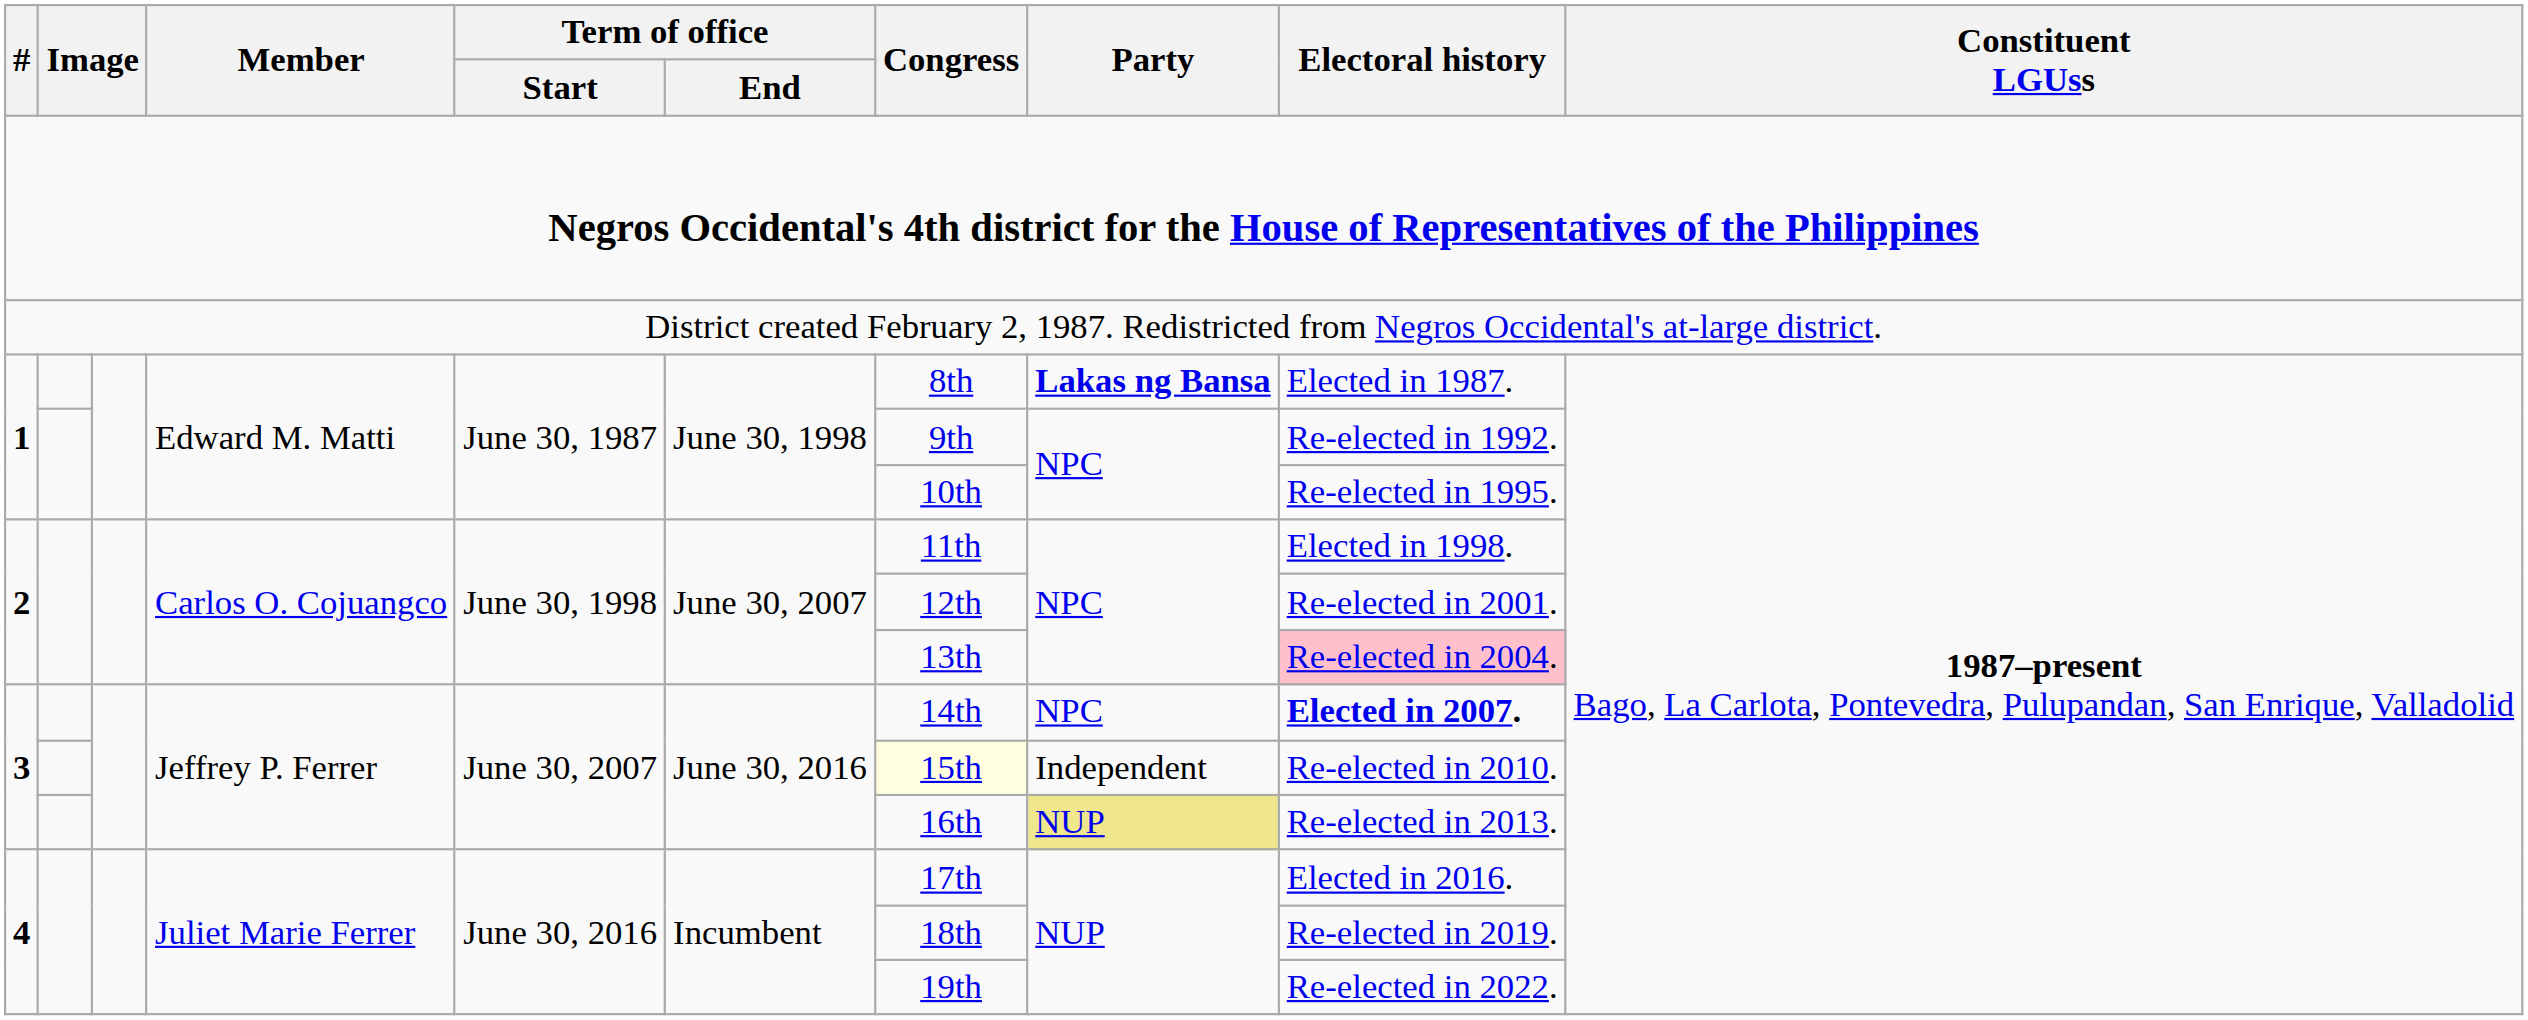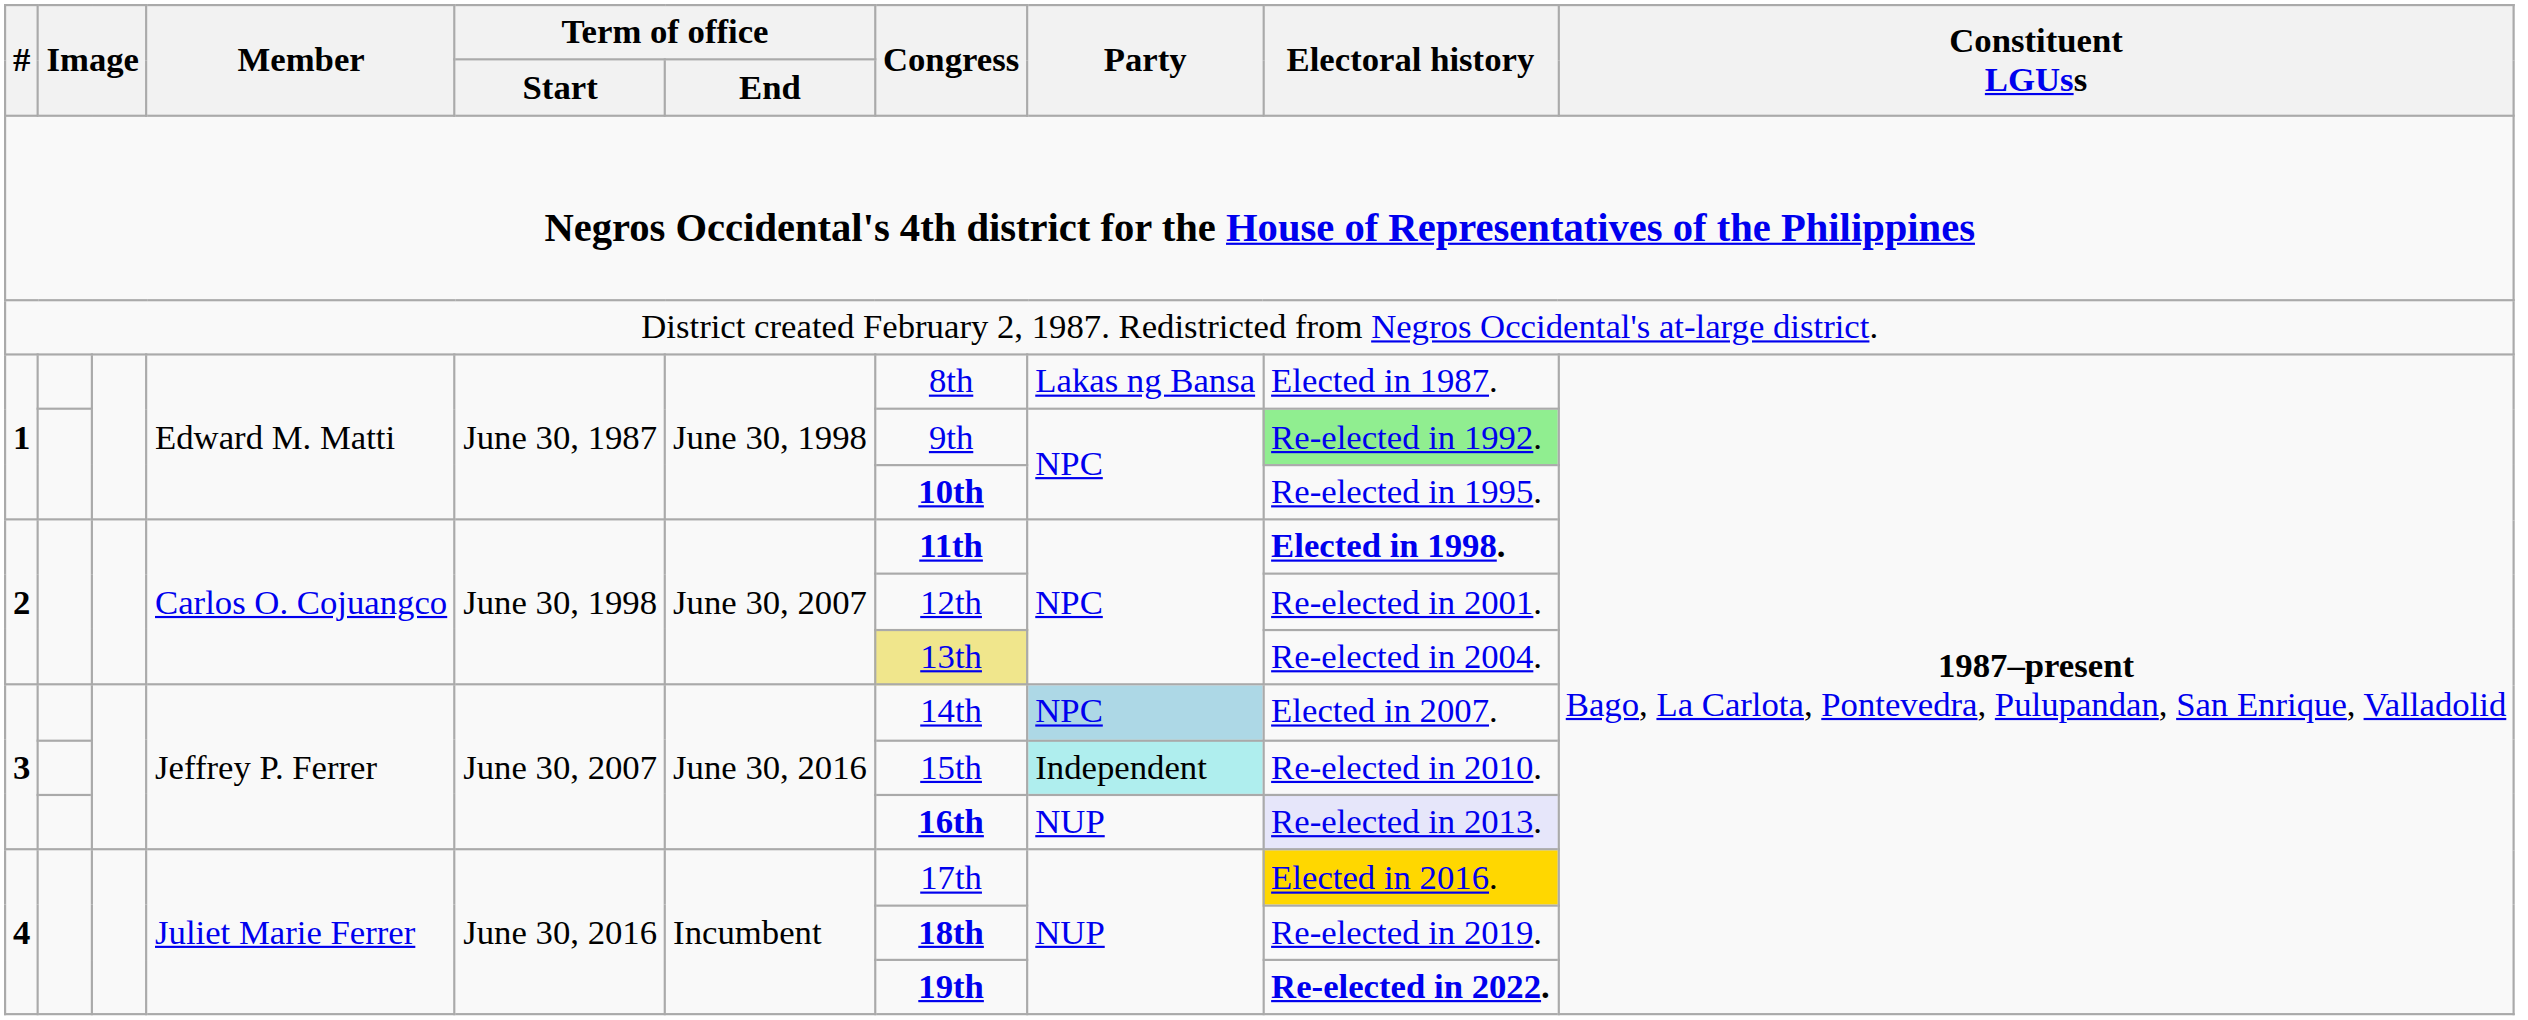 <table class=wikitable>
 <tr>
 <th rowspan="2">#</th>
 <th rowspan="2" colspan=2>Image</th>
 <th rowspan="2">Member</th>
 <th colspan=2>Term of office</th>
 <th rowspan="2">Congress</th>
 <th rowspan="2">Party</th>
 <th rowspan="2">Electoral history</th>
 <th rowspan="2">Constituent<br><a href='#'>LGUs</a>s</th>
 </tr>
 <tr>
 <th>Start</th>
 <th>End</th>
 </tr>
 <tr>
 <td colspan="10" style="text-align:center;"><br><h3>Negros Occidental's 4th district for the <a href='#'>House of Representatives of the Philippines</a></h3></td>
 </tr>
 <tr>
 <td colspan="10" style="text-align:center;">District created February 2, 1987. Redistricted from <a href='#'>Negros Occidental's at-large district</a>.</td>
 </tr>
 <tr>
 <td rowspan="3" style="text-align:center;"><strong>1</strong></td>
 <td style="color:inherit;background:"></td>
 <td rowspan="3"></td>
 <td rowspan="3">Edward M. Matti</td>
 <td rowspan="3">June 30, 1987</td>
 <td rowspan="3">June 30, 1998</td>
 <td style="text-align:center;"><a href='#'>8th</a></td>
-<td><strong><a href='#'>Lakas ng Bansa</a></strong></td>
+<td><a href='#'>Lakas ng Bansa</a></td>
 <td><a href='#'>Elected in 1987</a>.</td>
 <td rowspan=99 style="text-align:center;"><strong>1987–present</strong><br><a href='#'>Bago</a>, <a href='#'>La Carlota</a>, <a href='#'>Pontevedra</a>, <a href='#'>Pulupandan</a>, <a href='#'>San Enrique</a>, <a href='#'>Valladolid</a></td>
 </tr>
 <tr>
 <td rowspan="2" style="color:inherit;background:"></td>
 <td style="text-align:center;"><a href='#'>9th</a></td>
 <td rowspan="2"><a href='#'>NPC</a></td>
-<td><a href='#'>Re-elected in 1992</a>.</td>
+<td style="background: lightgreen;"><a href='#'>Re-elected in 1992</a>.</td>
 </tr>
 <tr>
-<td style="text-align:center;"><a href='#'>10th</a></td>
+<td style="text-align:center;"><strong><a href='#'>10th</a></strong></td>
 <td><a href='#'>Re-elected in 1995</a>.</td>
 </tr>
 <tr>
 <td rowspan="3" style="text-align:center;"><strong>2</strong></td>
 <td rowspan="3" style="color:inherit;background:"></td>
 <td rowspan="3"></td>
 <td rowspan="3"><a href='#'>Carlos O. Cojuangco</a></td>
 <td rowspan="3">June 30, 1998</td>
 <td rowspan="3">June 30, 2007</td>
-<td style="text-align:center;"><a href='#'>11th</a></td>
+<td style="text-align:center;"><strong><a href='#'>11th</a></strong></td>
 <td rowspan="3"><a href='#'>NPC</a></td>
-<td><a href='#'>Elected in 1998</a>.</td>
+<td><strong><a href='#'>Elected in 1998</a>.</strong></td>
 </tr>
 <tr>
 <td style="text-align:center;"><a href='#'>12th</a></td>
 <td><a href='#'>Re-elected in 2001</a>.</td>
 </tr>
 <tr>
-<td style="text-align:center;"><a href='#'>13th</a></td>
-<td style="background: pink;"><a href='#'>Re-elected in 2004</a>.</td>
+<td style="background: khaki; text-align:center;"><a href='#'>13th</a></td>
+<td><a href='#'>Re-elected in 2004</a>.</td>
 </tr>
 <tr>
 <td rowspan="3" style="text-align:center;"><strong>3</strong></td>
 <td style="color:inherit;background:"></td>
 <td rowspan="3"></td>
 <td rowspan="3">Jeffrey P. Ferrer</td>
 <td rowspan="3">June 30, 2007</td>
 <td rowspan="3">June 30, 2016</td>
 <td style="text-align:center;"><a href='#'>14th</a></td>
-<td><a href='#'>NPC</a></td>
-<td><strong><a href='#'>Elected in 2007</a>.</strong></td>
+<td style="background: lightblue;"><a href='#'>NPC</a></td>
+<td><a href='#'>Elected in 2007</a>.</td>
 </tr>
 <tr>
 <td style="color:inherit;background:"></td>
-<td style="background: lightyellow; text-align:center;"><a href='#'>15th</a></td>
-<td>Independent</td>
+<td style="text-align:center;"><a href='#'>15th</a></td>
+<td style="background: paleturquoise;">Independent</td>
 <td><a href='#'>Re-elected in 2010</a>.</td>
 </tr>
 <tr>
 <td style="color:inherit;background:"></td>
-<td style="text-align:center;"><a href='#'>16th</a></td>
-<td style="background: khaki;"><a href='#'>NUP</a></td>
-<td><a href='#'>Re-elected in 2013</a>.</td>
+<td style="text-align:center;"><strong><a href='#'>16th</a></strong></td>
+<td><a href='#'>NUP</a></td>
+<td style="background: lavender;"><a href='#'>Re-elected in 2013</a>.</td>
 </tr>
 <tr>
 <td rowspan="3" style="text-align:center;"><strong>4</strong></td>
 <td rowspan="3" style="color:inherit;background:"></td>
 <td rowspan="3"></td>
 <td rowspan="3"><a href='#'>Juliet Marie Ferrer</a></td>
 <td rowspan="3">June 30, 2016</td>
 <td rowspan="3">Incumbent</td>
 <td style="text-align:center;"><a href='#'>17th</a></td>
 <td rowspan="3"><a href='#'>NUP</a></td>
-<td><a href='#'>Elected in 2016</a>.</td>
+<td style="background: gold;"><a href='#'>Elected in 2016</a>.</td>
 </tr>
 <tr>
-<td style="text-align:center;"><a href='#'>18th</a></td>
+<td style="text-align:center;"><strong><a href='#'>18th</a></strong></td>
 <td><a href='#'>Re-elected in 2019</a>.</td>
 </tr>
 <tr>
-<td style="text-align:center;"><a href='#'>19th</a></td>
-<td><a href='#'>Re-elected in 2022</a>.</td>
+<td style="text-align:center;"><strong><a href='#'>19th</a></strong></td>
+<td><strong><a href='#'>Re-elected in 2022</a>.</strong></td>
 </tr>
 </table>
